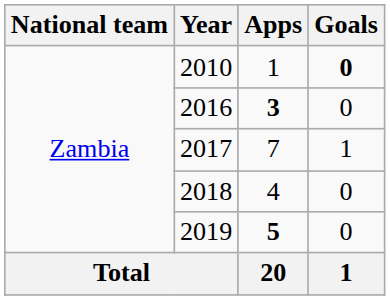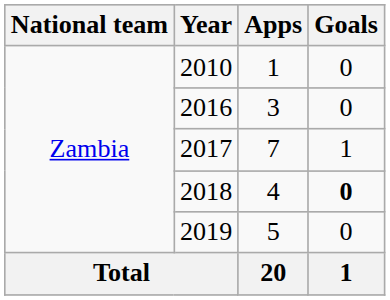 <table class="wikitable" style="text-align:center">
 <tr>
 <th>National team</th>
 <th>Year</th>
 <th>Apps</th>
 <th>Goals</th>
 </tr>
 <tr>
 <td rowspan="5"><a href='#'>Zambia</a></td>
 <td>2010</td>
 <td>1</td>
-<td><strong>0</strong></td>
+<td>0</td>
 </tr>
 <tr>
 <td>2016</td>
-<td><strong>3</strong></td>
+<td>3</td>
 <td>0</td>
 </tr>
 <tr>
 <td>2017</td>
 <td>7</td>
 <td>1</td>
 </tr>
 <tr>
 <td>2018</td>
 <td>4</td>
-<td>0</td>
+<td><strong>0</strong></td>
 </tr>
 <tr>
 <td>2019</td>
-<td><strong>5</strong></td>
+<td>5</td>
 <td>0</td>
 </tr>
 <tr>
 <th colspan=2>Total</th>
 <th>20</th>
 <th>1</th>
 </tr>
 </table>
